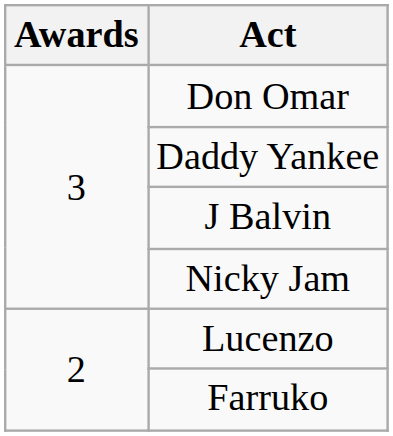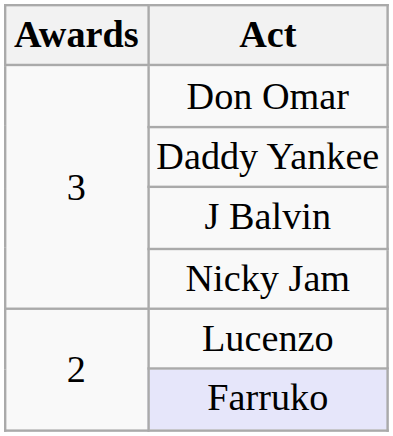 <table class="wikitable" rowspan="2" style="text-align:center;">
 <tr>
 <th scope="col">Awards</th>
 <th scope="col">Act</th>
 </tr>
 <tr>
 <td rowspan="4">3</td>
 <td>Don Omar</td>
 </tr>
 <tr>
 <td>Daddy Yankee</td>
 </tr>
 <tr>
 <td>J Balvin</td>
 </tr>
 <tr>
 <td>Nicky Jam</td>
 </tr>
 <tr>
 <td rowspan="2">2</td>
 <td>Lucenzo</td>
 </tr>
 <tr>
-<td>Farruko</td>
+<td style="background: lavender;">Farruko</td>
 </tr>
 </table>
